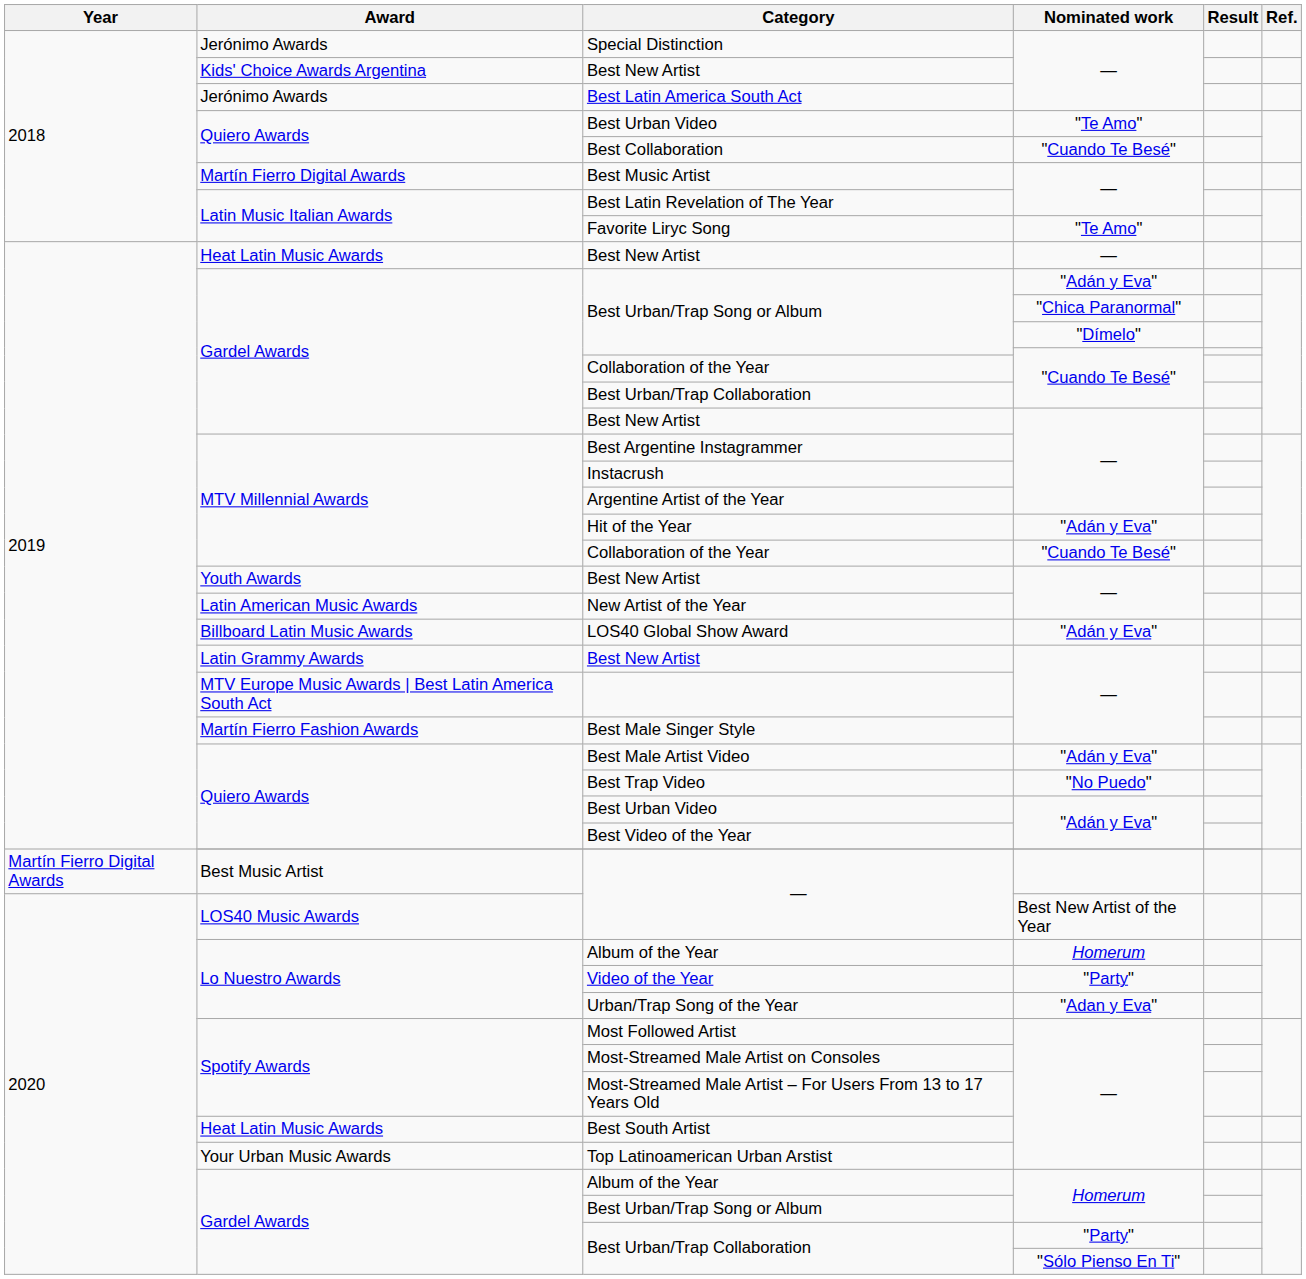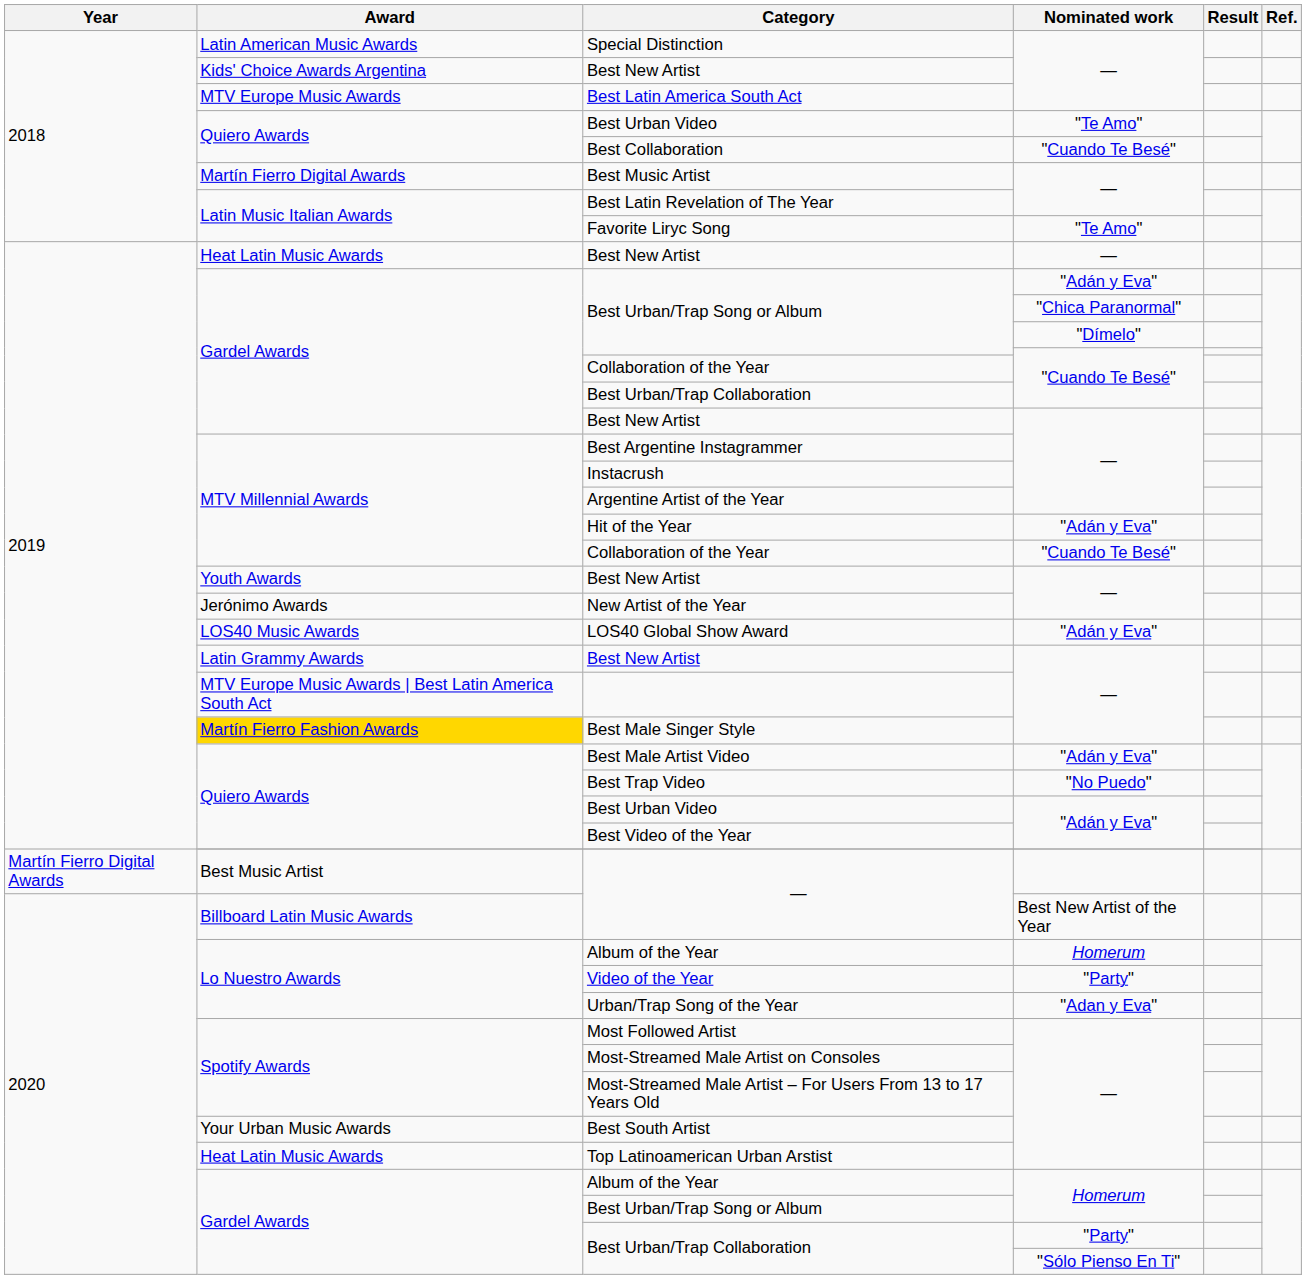 <table class="wikitable">
 <tr>
 <th>Year</th>
 <th>Award</th>
 <th>Category</th>
 <th>Nominated work</th>
 <th>Result</th>
 <th>Ref.</th>
 </tr>
 <tr>
 <td rowspan="8">2018</td>
-<td>Jerónimo Awards</td>
+<td><a href='#'>Latin American Music Awards</a></td>
 <td>Special Distinction</td>
 <td rowspan="3" style="text-align:center;">—</td>
 <td></td>
 <td></td>
 </tr>
 <tr>
 <td><a href='#'>Kids' Choice Awards Argentina</a></td>
 <td>Best New Artist</td>
 <td></td>
 <td></td>
 </tr>
 <tr>
-<td>Jerónimo Awards</td>
+<td><a href='#'>MTV Europe Music Awards</a></td>
 <td><a href='#'>Best Latin America South Act</a></td>
 <td></td>
 <td></td>
 </tr>
 <tr>
 <td rowspan="2"><a href='#'>Quiero Awards</a></td>
 <td>Best Urban Video</td>
 <td style="text-align:center;">"<a href='#'>Te Amo</a>"</td>
 <td></td>
 <td rowspan="2"></td>
 </tr>
 <tr>
 <td>Best Collaboration</td>
 <td style="text-align:center;">"<a href='#'>Cuando Te Besé</a>"</td>
 <td></td>
 </tr>
 <tr>
 <td><a href='#'>Martín Fierro Digital Awards</a></td>
 <td>Best Music Artist</td>
 <td rowspan="2" style="text-align:center;">—</td>
 <td></td>
 <td></td>
 </tr>
 <tr>
 <td rowspan="2"><a href='#'>Latin Music Italian Awards</a></td>
 <td>Best Latin Revelation of The Year</td>
 <td></td>
 <td rowspan="2"></td>
 </tr>
 <tr>
 <td>Favorite Liryc Song</td>
 <td style="text-align:center;">"<a href='#'>Te Amo</a>"</td>
 <td></td>
 </tr>
 <tr>
 <td rowspan="24">2019</td>
 <td><a href='#'>Heat Latin Music Awards</a></td>
 <td>Best New Artist</td>
 <td style="text-align:center;">—</td>
 <td></td>
 <td></td>
 </tr>
 <tr>
 <td rowspan="7"><a href='#'>Gardel Awards</a></td>
 <td rowspan="4">Best Urban/Trap Song or Album</td>
 <td style="text-align:center;">"<a href='#'>Adán y Eva</a>"</td>
 <td></td>
 <td rowspan="7"></td>
 </tr>
 <tr>
 <td style="text-align:center;">"<a href='#'>Chica Paranormal</a>"</td>
 <td></td>
 </tr>
 <tr>
 <td style="text-align:center;">"<a href='#'>Dímelo</a>"</td>
 <td></td>
 </tr>
 <tr>
 <td rowspan="3" style="text-align:center;">"<a href='#'>Cuando Te Besé</a>"</td>
 <td></td>
 </tr>
 <tr>
 <td>Collaboration of the Year</td>
 <td></td>
 </tr>
 <tr>
 <td>Best Urban/Trap Collaboration</td>
 <td></td>
 </tr>
 <tr>
 <td>Best New Artist</td>
 <td rowspan="4" style="text-align:center;">—</td>
 <td></td>
 </tr>
 <tr>
 <td rowspan="5"><a href='#'>MTV Millennial Awards</a></td>
 <td>Best Argentine Instagrammer</td>
 <td></td>
 <td rowspan="5"></td>
 </tr>
 <tr>
 <td>Instacrush</td>
 <td></td>
 </tr>
 <tr>
 <td>Argentine Artist of the Year</td>
 <td></td>
 </tr>
 <tr>
 <td>Hit of the Year</td>
 <td style="text-align:center;">"<a href='#'>Adán y Eva</a>"</td>
 <td></td>
 </tr>
 <tr>
 <td>Collaboration of the Year</td>
 <td style="text-align:center;">"<a href='#'>Cuando Te Besé</a>"</td>
 <td></td>
 </tr>
 <tr>
 <td><a href='#'>Youth Awards</a></td>
 <td>Best New Artist</td>
 <td rowspan="2" style="text-align:center;">—</td>
 <td></td>
 <td></td>
 </tr>
 <tr>
-<td><a href='#'>Latin American Music Awards</a></td>
+<td>Jerónimo Awards</td>
 <td>New Artist of the Year</td>
 <td></td>
 <td></td>
 </tr>
 <tr>
-<td><a href='#'>Billboard Latin Music Awards</a></td>
+<td><a href='#'>LOS40 Music Awards</a></td>
 <td>LOS40 Global Show Award</td>
 <td style="text-align:center;">"<a href='#'>Adán y Eva</a>"</td>
 <td></td>
 <td></td>
 </tr>
 <tr>
 <td><a href='#'>Latin Grammy Awards</a></td>
 <td><a href='#'>Best New Artist</a></td>
 <td rowspan="3" style="text-align:center;">—</td>
 <td></td>
 <td></td>
 </tr>
 <tr>
 <td><a href='#'>MTV Europe Music Awards | Best Latin America South Act</a></td>
 <td></td>
 <td></td>
 </tr>
 <tr>
-<td><a href='#'>Martín Fierro Fashion Awards</a></td>
+<td style="background: gold;"><a href='#'>Martín Fierro Fashion Awards</a></td>
 <td>Best Male Singer Style</td>
 <td></td>
 <td></td>
 </tr>
 <tr>
 <td rowspan="4"><a href='#'>Quiero Awards</a></td>
 <td>Best Male Artist Video</td>
 <td style="text-align:center;">"<a href='#'>Adán y Eva</a>"</td>
 <td></td>
 <td rowspan="4"></td>
 </tr>
 <tr>
 <td>Best Trap Video</td>
 <td style="text-align:center;">"<a href='#'>No Puedo</a>"</td>
 <td></td>
 </tr>
 <tr>
 <td>Best Urban Video</td>
 <td rowspan=2 style="text-align:center;">"<a href='#'>Adán y Eva</a>"</td>
 <td></td>
 </tr>
 <tr>
 <td>Best Video of the Year</td>
 <td></td>
 </tr>
 <tr>
 </tr>
 <tr>
 <td><a href='#'>Martín Fierro Digital Awards</a></td>
 <td>Best Music Artist</td>
 <td rowspan="2" style="text-align:center;">—</td>
 <td></td>
 <td></td>
 </tr>
 <tr>
 <td rowspan="13">2020</td>
-<td><a href='#'>LOS40 Music Awards</a></td>
+<td><a href='#'>Billboard Latin Music Awards</a></td>
 <td>Best New Artist of the Year</td>
 <td></td>
 <td></td>
 </tr>
 <tr>
 <td rowspan="3"><a href='#'>Lo Nuestro Awards</a></td>
 <td>Album of the Year</td>
 <td style="text-align:center;"><em><a href='#'>Homerum</a></em></td>
 <td></td>
 <td rowspan="3"></td>
 </tr>
 <tr>
 <td><a href='#'>Video of the Year</a></td>
 <td style="text-align:center;">"<a href='#'>Party</a>"</td>
 <td></td>
 </tr>
 <tr>
 <td>Urban/Trap Song of the Year</td>
 <td style="text-align:center;">"<a href='#'>Adan y Eva</a>"</td>
 <td></td>
 </tr>
 <tr>
 <td rowspan="3"><a href='#'>Spotify Awards</a></td>
 <td>Most Followed Artist</td>
 <td rowspan="5" style="text-align:center;">—</td>
 <td></td>
 <td rowspan="3"></td>
 </tr>
 <tr>
 <td>Most-Streamed Male Artist on Consoles</td>
 <td></td>
 </tr>
 <tr>
 <td>Most-Streamed Male Artist – For Users From 13 to 17 Years Old</td>
 <td></td>
 </tr>
 <tr>
-<td><a href='#'>Heat Latin Music Awards</a></td>
+<td>Your Urban Music Awards</td>
 <td>Best South Artist</td>
 <td></td>
 <td></td>
 </tr>
 <tr>
-<td>Your Urban Music Awards</td>
+<td><a href='#'>Heat Latin Music Awards</a></td>
 <td>Top Latinoamerican Urban Arstist</td>
 <td></td>
 <td></td>
 </tr>
 <tr>
 <td rowspan="4"><a href='#'>Gardel Awards</a></td>
 <td>Album of the Year</td>
 <td rowspan="2" style="text-align:center;"><em><a href='#'>Homerum</a></em></td>
 <td></td>
 <td rowspan="4"></td>
 </tr>
 <tr>
 <td>Best Urban/Trap Song or Album</td>
 <td></td>
 </tr>
 <tr>
 <td rowspan="2">Best Urban/Trap Collaboration</td>
 <td style="text-align:center;">"<a href='#'>Party</a>"</td>
 <td></td>
 </tr>
 <tr>
 <td style="text-align:center;">"<a href='#'>Sólo Pienso En Ti</a>"</td>
 <td></td>
 </tr>
 </table>
